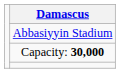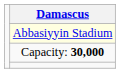 <table class=wikitable style="text-align:center">
 <tr>
 <td rowspan="5"><br></td>
 <th colspan=3><a href='#'>Damascus</a></th>
 </tr>
 <tr>
-<td><a href='#'>Abbasiyyin Stadium</a></td>
+<td style="background: lightyellow;"><a href='#'>Abbasiyyin Stadium</a></td>
 </tr>
 <tr>
 <td>Capacity: <strong>30,000</strong></td>
 </tr>
 <tr>
 <td></td>
 </tr>
 </table>
